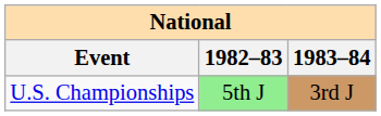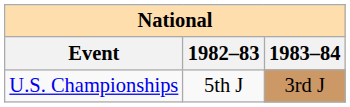 <table class="wikitable" style="text-align:center">
 <tr>
 <th style="background-color: #ffdead; " colspan=3 align=center>National</th>
 </tr>
 <tr>
 <th>Event</th>
 <th>1982–83 <br></th>
 <th>1983–84 <br></th>
 </tr>
 <tr>
 <td align=left><a href='#'>U.S. Championships</a></td>
-<td style="background: lightgreen;">5th J</td>
+<td>5th J</td>
 <td bgcolor=cc9966>3rd J</td>
 </tr>
 </table>
